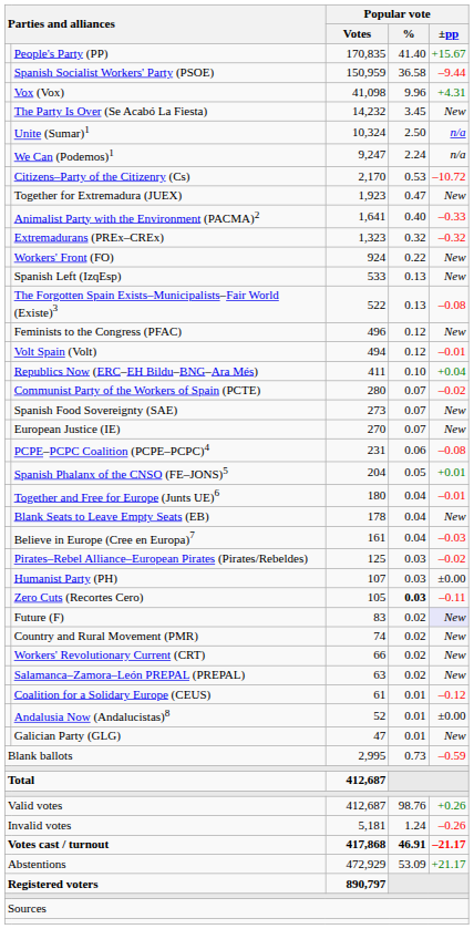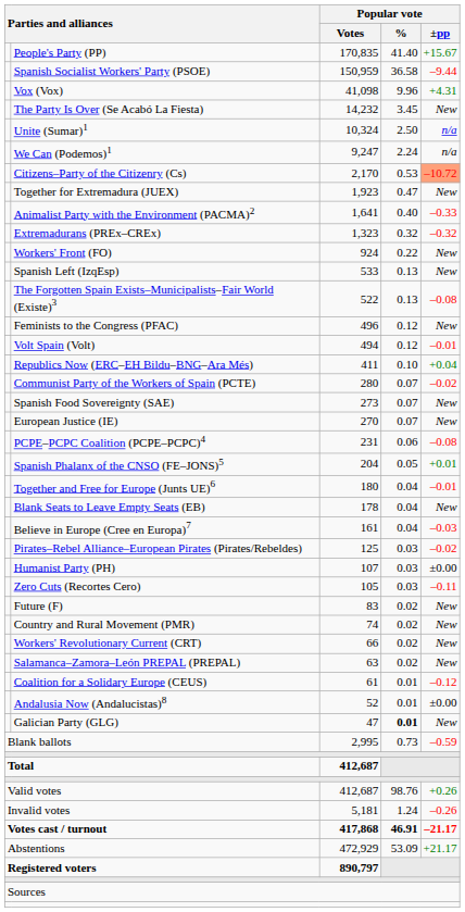 <table class="wikitable" style="text-align:right;">
 <tr>
 <th style="text-align:left;" rowspan="2" colspan="2" width="525">Parties and alliances</th>
 <th colspan="3">Popular vote</th>
 </tr>
 <tr bgcolor="#E9E9E9" align="center">
 <th width="75">Votes</th>
 <th width="45">%</th>
 <th width="45">±<a href='#'>pp</a></th>
 </tr>
 <tr>
 <td width="1" style="color:inherit;background:"></td>
 <td align="left"><a href='#'>People's Party</a> (PP)</td>
 <td>170,835</td>
 <td>41.40</td>
 <td style="color:green;">+15.67</td>
 </tr>
 <tr>
 <td style="color:inherit;background:"></td>
 <td align="left"><a href='#'>Spanish Socialist Workers' Party</a> (PSOE)</td>
 <td>150,959</td>
 <td>36.58</td>
 <td style="color:red;">–9.44</td>
 </tr>
 <tr>
 <td style="color:inherit;background:"></td>
 <td align="left"><a href='#'>Vox</a> (Vox)</td>
 <td>41,098</td>
 <td>9.96</td>
 <td style="color:green;">+4.31</td>
 </tr>
 <tr>
 <td style="color:inherit;background:"></td>
 <td align="left"><a href='#'>The Party Is Over</a> (Se Acabó La Fiesta)</td>
 <td>14,232</td>
 <td>3.45</td>
 <td><em>New</em></td>
 </tr>
 <tr>
 <td style="color:inherit;background:"></td>
 <td align="left"><a href='#'>Unite</a> (Sumar)<sup>1</sup></td>
 <td>10,324</td>
 <td>2.50</td>
 <td><em><a href='#'>n/a</a></em></td>
 </tr>
 <tr>
 <td style="color:inherit;background:"></td>
 <td align="left"><a href='#'>We Can</a> (Podemos)<sup>1</sup></td>
 <td>9,247</td>
 <td>2.24</td>
 <td><em>n/a</em></td>
 </tr>
 <tr>
 <td style="color:inherit;background:"></td>
 <td align="left"><a href='#'>Citizens–Party of the Citizenry</a> (Cs)</td>
 <td>2,170</td>
 <td>0.53</td>
-<td style="color:red;">–10.72</td>
+<td style="background: lightsalmon; color:red;">–10.72</td>
 </tr>
 <tr>
 <td style="color:inherit;background:"></td>
 <td align="left">Together for Extremadura (JUEX)</td>
 <td>1,923</td>
 <td>0.47</td>
 <td><em>New</em></td>
 </tr>
 <tr>
 <td style="color:inherit;background:"></td>
 <td align="left"><a href='#'>Animalist Party with the Environment</a> (PACMA)<sup>2</sup></td>
 <td>1,641</td>
 <td>0.40</td>
 <td style="color:red;">–0.33</td>
 </tr>
 <tr>
 <td style="color:inherit;background:"></td>
 <td align="left"><a href='#'>Extremadurans</a> (PREx–CREx)</td>
 <td>1,323</td>
 <td>0.32</td>
 <td style="color:red;">–0.32</td>
 </tr>
 <tr>
 <td style="color:inherit;background:"></td>
 <td align="left"><a href='#'>Workers' Front</a> (FO)</td>
 <td>924</td>
 <td>0.22</td>
 <td><em>New</em></td>
 </tr>
 <tr>
 <td style="color:inherit;background:"></td>
 <td align="left">Spanish Left (IzqEsp)</td>
 <td>533</td>
 <td>0.13</td>
 <td><em>New</em></td>
 </tr>
 <tr>
 <td style="color:inherit;background:"></td>
 <td align="left"><a href='#'>The Forgotten Spain Exists–Municipalists</a>–<a href='#'>Fair World</a> (Existe)<sup>3</sup></td>
 <td>522</td>
 <td>0.13</td>
 <td style="color:red;">–0.08</td>
 </tr>
 <tr>
 <td style="color:inherit;background:"></td>
 <td align="left">Feminists to the Congress (PFAC)</td>
 <td>496</td>
 <td>0.12</td>
 <td><em>New</em></td>
 </tr>
 <tr>
 <td style="color:inherit;background:"></td>
 <td align="left"><a href='#'>Volt Spain</a> (Volt)</td>
 <td>494</td>
 <td>0.12</td>
 <td style="color:red;">–0.01</td>
 </tr>
 <tr>
 <td style="color:inherit;background:"></td>
 <td align="left"><a href='#'>Republics Now</a> (<a href='#'>ERC</a>–<a href='#'>EH Bildu</a>–<a href='#'>BNG</a>–<a href='#'>Ara Més</a>)</td>
 <td>411</td>
 <td>0.10</td>
 <td style="color:green;">+0.04</td>
 </tr>
 <tr>
 <td style="color:inherit;background:"></td>
 <td align="left"><a href='#'>Communist Party of the Workers of Spain</a> (PCTE)</td>
 <td>280</td>
 <td>0.07</td>
 <td style="color:red;">–0.02</td>
 </tr>
 <tr>
 <td style="color:inherit;background:"></td>
 <td align="left">Spanish Food Sovereignty (SAE)</td>
 <td>273</td>
 <td>0.07</td>
 <td><em>New</em></td>
 </tr>
 <tr>
 <td style="color:inherit;background:"></td>
 <td align="left">European Justice (IE)</td>
 <td>270</td>
 <td>0.07</td>
 <td><em>New</em></td>
 </tr>
 <tr>
 <td style="color:inherit;background:"></td>
 <td align="left"><a href='#'>PCPE</a>–<a href='#'>PCPC Coalition</a> (PCPE–PCPC)<sup>4</sup></td>
 <td>231</td>
 <td>0.06</td>
 <td style="color:red;">–0.08</td>
 </tr>
 <tr>
 <td style="color:inherit;background:"></td>
 <td align="left"><a href='#'>Spanish Phalanx of the CNSO</a> (FE–JONS)<sup>5</sup></td>
 <td>204</td>
 <td>0.05</td>
 <td style="color:green;">+0.01</td>
 </tr>
 <tr>
 <td style="color:inherit;background:"></td>
 <td align="left"><a href='#'>Together and Free for Europe</a> (Junts UE)<sup>6</sup></td>
 <td>180</td>
 <td>0.04</td>
 <td style="color:red;">–0.01</td>
 </tr>
 <tr>
 <td style="color:inherit;background:"></td>
 <td align="left"><a href='#'>Blank Seats to Leave Empty Seats</a> (EB)</td>
 <td>178</td>
 <td>0.04</td>
 <td><em>New</em></td>
 </tr>
 <tr>
 <td style="color:inherit;background:"></td>
 <td align="left">Believe in Europe (Cree en Europa)<sup>7</sup></td>
 <td>161</td>
 <td>0.04</td>
 <td style="color:red;">–0.03</td>
 </tr>
 <tr>
 <td style="color:inherit;background:"></td>
 <td align="left"><a href='#'>Pirates–Rebel Alliance–European Pirates</a> (Pirates/Rebeldes)</td>
 <td>125</td>
 <td>0.03</td>
 <td style="color:red;">–0.02</td>
 </tr>
 <tr>
 <td style="color:inherit;background:"></td>
 <td align="left"><a href='#'>Humanist Party</a> (PH)</td>
 <td>107</td>
 <td>0.03</td>
 <td>±0.00</td>
 </tr>
 <tr>
 <td style="color:inherit;background:"></td>
 <td align="left"><a href='#'>Zero Cuts</a> (Recortes Cero)</td>
 <td>105</td>
-<td><strong>0.03</strong></td>
+<td>0.03</td>
 <td style="color:red;">–0.11</td>
 </tr>
 <tr>
 <td style="color:inherit;background:"></td>
 <td align="left">Future (F)</td>
 <td>83</td>
 <td>0.02</td>
-<td style="background: lavender;"><em>New</em></td>
+<td><em>New</em></td>
 </tr>
 <tr>
 <td style="color:inherit;background:"></td>
 <td align="left">Country and Rural Movement (PMR)</td>
 <td>74</td>
 <td>0.02</td>
 <td><em>New</em></td>
 </tr>
 <tr>
 <td style="color:inherit;background:"></td>
 <td align="left"><a href='#'>Workers' Revolutionary Current</a> (CRT)</td>
 <td>66</td>
 <td>0.02</td>
 <td><em>New</em></td>
 </tr>
 <tr>
 <td style="color:inherit;background:"></td>
 <td align="left"><a href='#'>Salamanca–Zamora–León PREPAL</a> (PREPAL)</td>
 <td>63</td>
 <td>0.02</td>
 <td><em>New</em></td>
 </tr>
 <tr>
 <td style="color:inherit;background:"></td>
 <td align="left"><a href='#'>Coalition for a Solidary Europe</a> (CEUS)</td>
 <td>61</td>
 <td>0.01</td>
 <td style="color:red;">–0.12</td>
 </tr>
 <tr>
 <td style="color:inherit;background:"></td>
 <td align="left"><a href='#'>Andalusia Now</a> (Andalucistas)<sup>8</sup></td>
 <td>52</td>
 <td>0.01</td>
 <td>±0.00</td>
 </tr>
 <tr>
 <td style="color:inherit;background:"></td>
 <td align="left">Galician Party (GLG)</td>
 <td>47</td>
-<td>0.01</td>
+<td><strong>0.01</strong></td>
 <td><em>New</em></td>
 </tr>
 <tr>
 <td align="left" colspan="2">Blank ballots</td>
 <td>2,995</td>
 <td>0.73</td>
 <td style="color:red;">–0.59</td>
 </tr>
 <tr>
 <td colspan="5" bgcolor="#E9E9E9"></td>
 </tr>
 <tr style="font-weight:bold;">
 <td align="left" colspan="2">Total</td>
 <td>412,687</td>
 <td bgcolor="#E9E9E9" colspan="2"></td>
 </tr>
 <tr>
 <td colspan="5" bgcolor="#E9E9E9"></td>
 </tr>
 <tr>
 <td align="left" colspan="2">Valid votes</td>
 <td>412,687</td>
 <td>98.76</td>
 <td style="color:green;">+0.26</td>
 </tr>
 <tr>
 <td align="left" colspan="2">Invalid votes</td>
 <td>5,181</td>
 <td>1.24</td>
 <td style="color:red;">–0.26</td>
 </tr>
 <tr style="font-weight:bold;">
 <td align="left" colspan="2">Votes cast / turnout</td>
 <td>417,868</td>
 <td>46.91</td>
 <td style="color:red;">–21.17</td>
 </tr>
 <tr>
 <td align="left" colspan="2">Abstentions</td>
 <td>472,929</td>
 <td>53.09</td>
 <td style="color:green;">+21.17</td>
 </tr>
 <tr style="font-weight:bold;">
 <td align="left" colspan="2">Registered voters</td>
 <td>890,797</td>
 <td bgcolor="#E9E9E9" colspan="2"></td>
 </tr>
 <tr>
 <td colspan="5" bgcolor="#E9E9E9"></td>
 </tr>
 <tr>
 <td align="left" colspan="5">Sources</td>
 </tr>
 <tr>
 <td colspan="5" style="text-align:left; max-width:790px;"></td>
 </tr>
 </table>
